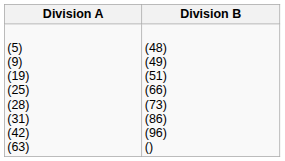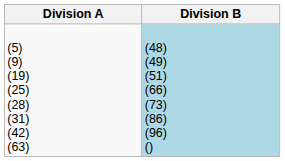 <table class="wikitable" width="40%">
 <tr>
 <th width="50%">Division A</th>
 <th width="50%">Division B</th>
 </tr>
 <tr>
 <td><br> (5)<br>   (9)<br>   (19)<br>   (25)<br>   (28)<br>   (31)<br>   (42)<br>  (63)<br></td>
-<td><br> (48)<br>   (49)<br>   (51)<br>   (66)<br>   (73)<br>   (86)<br>   (96)<br>   ()<br></td>
+<td style="background: lightblue;"><br> (48)<br>   (49)<br>   (51)<br>   (66)<br>   (73)<br>   (86)<br>   (96)<br>   ()<br></td>
 </tr>
 </table>
